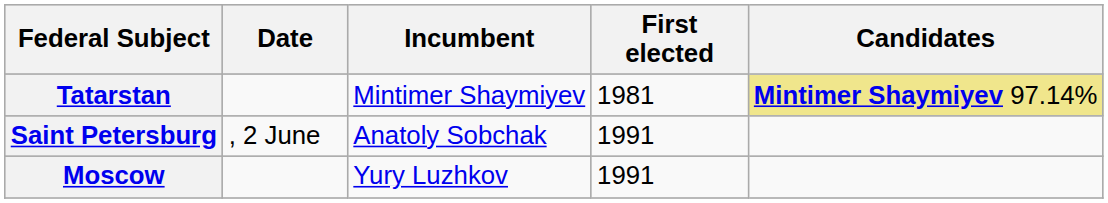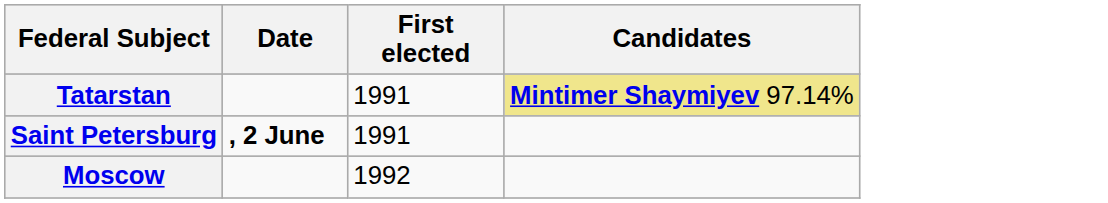 <table class="wikitable sortable">
 <tr>
 <th>Federal Subject</th>
 <th style="width: 70px">Date</th>
-<th>Incumbent</th>
 <th style="width: 90px">First elected</th>
 <th>Candidates</th>
 </tr>
 <tr>
 <th><a href='#'>Tatarstan</a></th>
 <td></td>
-<td><a href='#'>Mintimer Shaymiyev</a></td>
-<td>1981</td>
+<td>1991</td>
 <td style="background: khaki;"> <strong><a href='#'>Mintimer Shaymiyev</a></strong> 97.14%</td>
 </tr>
 <tr>
 <th><a href='#'>Saint Petersburg</a></th>
-<td>, 2 June</td>
-<td><a href='#'>Anatoly Sobchak</a></td>
+<td><strong>, 2 June</strong></td>
 <td>1991</td>
 <td><br></td>
 </tr>
 <tr>
 <th><a href='#'>Moscow</a></th>
 <td></td>
-<td><a href='#'>Yury Luzhkov</a></td>
-<td>1991</td>
+<td>1992</td>
 <td></td>
 </tr>
 </table>
